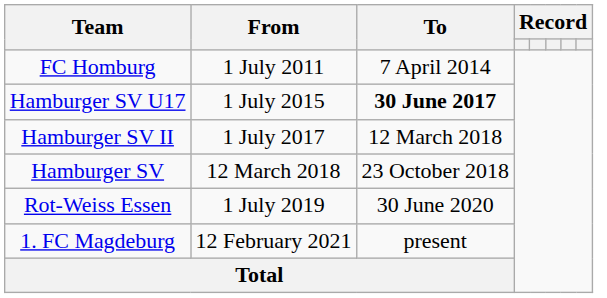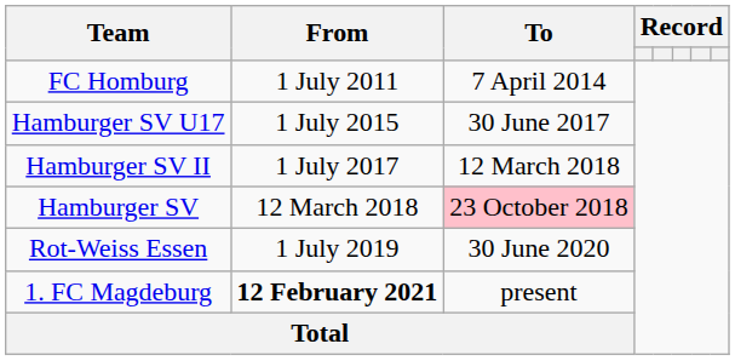 <table class="wikitable" style="text-align:center">
 <tr>
 <th rowspan="2">Team</th>
 <th rowspan="2">From</th>
 <th rowspan="2">To</th>
 <th colspan="5">Record</th>
 </tr>
 <tr>
 <th></th>
 <th></th>
 <th></th>
 <th></th>
 <th></th>
 </tr>
 <tr>
 <td><a href='#'>FC Homburg</a></td>
 <td>1 July 2011</td>
 <td>7 April 2014<br></td>
 </tr>
 <tr>
 <td><a href='#'>Hamburger SV U17</a></td>
 <td>1 July 2015</td>
-<td><strong>30 June 2017<br></strong></td>
+<td>30 June 2017<br></td>
 </tr>
 <tr>
 <td><a href='#'>Hamburger SV II</a></td>
 <td>1 July 2017</td>
 <td>12 March 2018<br></td>
 </tr>
 <tr>
 <td><a href='#'>Hamburger SV</a></td>
 <td>12 March 2018</td>
-<td>23 October 2018<br></td>
+<td style="background: pink;">23 October 2018<br></td>
 </tr>
 <tr>
 <td><a href='#'>Rot-Weiss Essen</a></td>
 <td>1 July 2019</td>
 <td>30 June 2020<br></td>
 </tr>
 <tr>
 <td><a href='#'>1. FC Magdeburg</a></td>
-<td>12 February 2021</td>
+<td><strong>12 February 2021</strong></td>
 <td>present<br></td>
 </tr>
 <tr>
 <th colspan="3">Total<br></th>
 </tr>
 </table>
